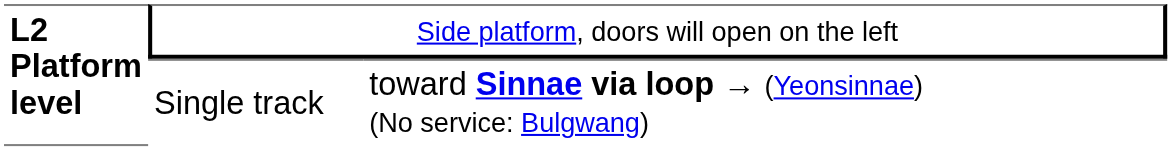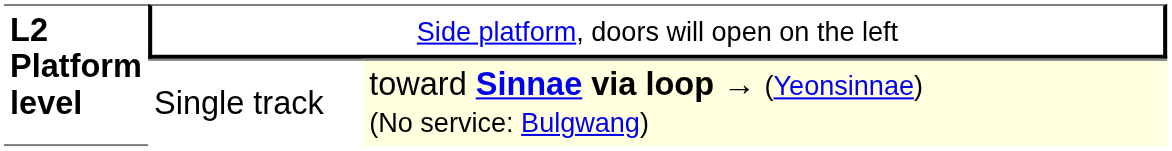 <table table border=0 cellspacing=0 cellpadding=3>
 <tr>
 <td style="border-top:solid 1px gray;border-bottom:solid 1px gray;" width=50 rowspan=10 valign=top><strong>L2<br>Platform level</strong></td>
 <td style="border-top:solid 1px gray;border-right:solid 2px black;border-left:solid 2px black;border-bottom:solid 2px black;text-align:center;" colspan=2><small><a href='#'>Side platform</a>, doors will open on the left </small></td>
 </tr>
 <tr>
 <td style="border-bottom:solid 0px gray;border-top:solid 1px gray;" width=100>Single track</td>
-<td style="border-bottom:solid 0px gray;border-top:solid 1px gray;" width=390> toward <strong><a href='#'>Sinnae</a> via loop</strong> → <small>(<a href='#'>Yeonsinnae</a>)</small><br><small>(No service: <a href='#'>Bulgwang</a>)</small></td>
+<td style="background: lightyellow; border-bottom:solid 0px gray;border-top:solid 1px gray;" width=390> toward <strong><a href='#'>Sinnae</a> via loop</strong> → <small>(<a href='#'>Yeonsinnae</a>)</small><br><small>(No service: <a href='#'>Bulgwang</a>)</small></td>
 </tr>
 </table>
